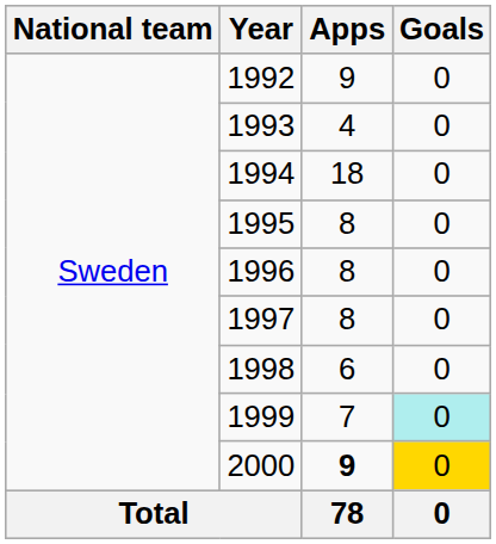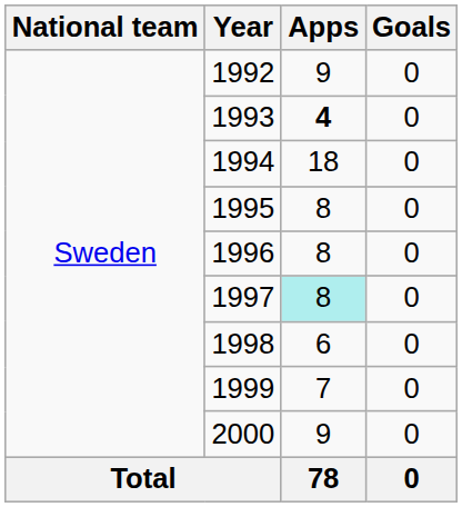 <table class="wikitable" style="text-align:center">
 <tr>
 <th>National team</th>
 <th>Year</th>
 <th>Apps</th>
 <th>Goals</th>
 </tr>
 <tr>
 <td rowspan="9"><a href='#'>Sweden</a></td>
 <td>1992</td>
 <td>9</td>
 <td>0</td>
 </tr>
 <tr>
 <td>1993</td>
-<td>4</td>
+<td><strong>4</strong></td>
 <td>0</td>
 </tr>
 <tr>
 <td>1994</td>
 <td>18</td>
 <td>0</td>
 </tr>
 <tr>
 <td>1995</td>
 <td>8</td>
 <td>0</td>
 </tr>
 <tr>
 <td>1996</td>
 <td>8</td>
 <td>0</td>
 </tr>
 <tr>
 <td>1997</td>
-<td>8</td>
+<td style="background: paleturquoise;">8</td>
 <td>0</td>
 </tr>
 <tr>
 <td>1998</td>
 <td>6</td>
 <td>0</td>
 </tr>
 <tr>
 <td>1999</td>
 <td>7</td>
-<td style="background: paleturquoise;">0</td>
+<td>0</td>
 </tr>
 <tr>
 <td>2000</td>
-<td><strong>9</strong></td>
-<td style="background: gold;">0</td>
+<td>9</td>
+<td>0</td>
 </tr>
 <tr>
 <th colspan="2">Total</th>
 <th>78</th>
 <th>0</th>
 </tr>
 </table>
